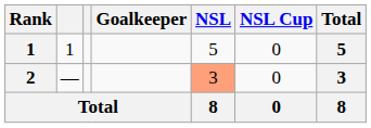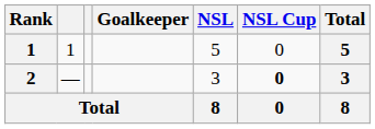 <table class="wikitable sortable" style="text-align:center">
 <tr>
 <th>Rank</th>
 <th></th>
 <th></th>
 <th>Goalkeeper</th>
 <th><a href='#'>NSL</a></th>
 <th><a href='#'>NSL Cup</a></th>
 <th>Total</th>
 </tr>
 <tr>
 <th>1</th>
 <td>1</td>
 <td></td>
 <td align="left"></td>
 <td>5</td>
 <td>0</td>
 <th>5</th>
 </tr>
 <tr>
 <th>2</th>
 <td>—</td>
 <td></td>
 <td align="left"></td>
-<td style="background: lightsalmon;">3</td>
-<td>0</td>
+<td>3</td>
+<td><strong>0</strong></td>
 <th>3</th>
 </tr>
 <tr>
 <th colspan="4">Total</th>
 <th>8</th>
 <th>0</th>
 <th>8</th>
 </tr>
 </table>
